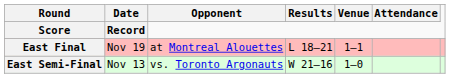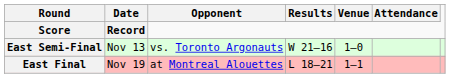 <table class="wikitable" style="text-align:center">
 <tr>
 <th>Round</th>
 <th>Date</th>
 <th>Opponent</th>
 <th>Results</th>
 <th>Venue</th>
 <th>Attendance</th>
 </tr>
 <tr>
 <th>Score</th>
 <th>Record</th>
 </tr>
+<tr style="background:#ddffdd">
+<th>East Semi-Final</th>
+<td>Nov 13</td>
+<td>vs. <a href='#'>Toronto Argonauts</a></td>
+<td>W 21–16</td>
+<td>1–0</td>
+<td></td>
+<td></td>
+</tr>
 <tr style="background:#ffbbbb">
 <th>East Final</th>
 <td>Nov 19</td>
 <td>at <a href='#'>Montreal Alouettes</a></td>
 <td>L 18–21</td>
 <td>1–1</td>
 <td></td>
 <td></td>
 </tr>
-<tr style="background:#ddffdd">
-<th>East Semi-Final</th>
-<td>Nov 13</td>
-<td>vs. <a href='#'>Toronto Argonauts</a></td>
-<td>W 21–16</td>
-<td>1–0</td>
-<td></td>
-<td></td>
-</tr>
 </table>
